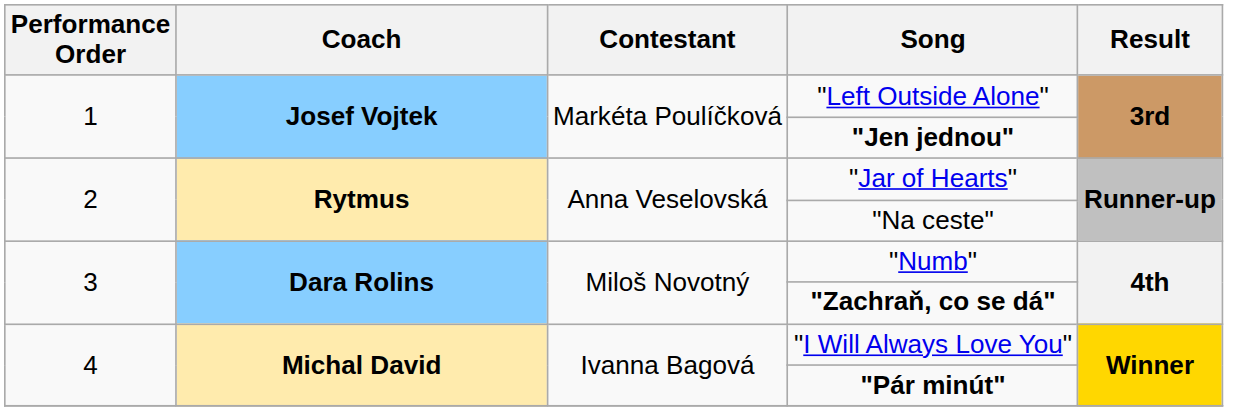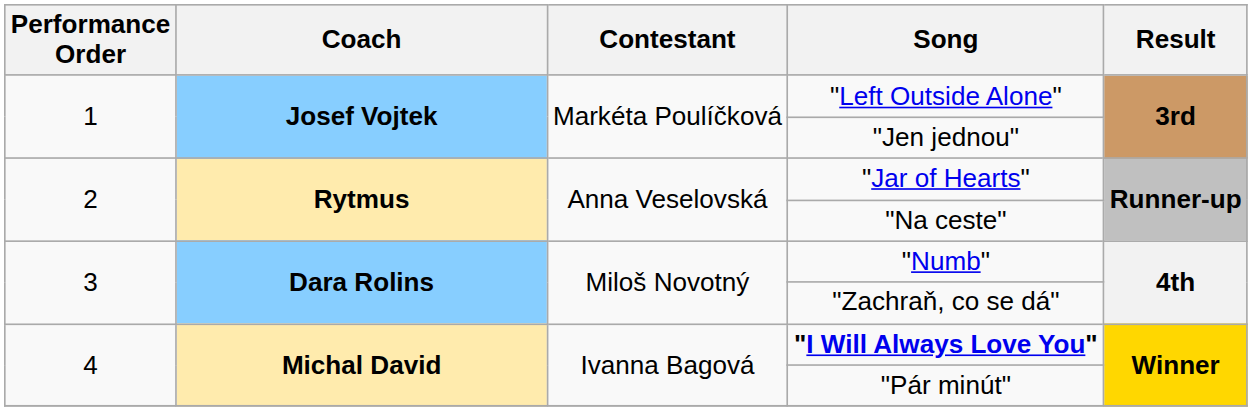 <table class="wikitable sortable" style="text-align: center; width: auto;">
 <tr>
 <th>Performance <br>Order</th>
 <th>Coach</th>
 <th>Contestant</th>
 <th>Song</th>
 <th>Result</th>
 </tr>
 <tr>
 <td rowspan=2>1</td>
 <th rowspan=2 style="background-color:#87CEFF" width="220px">Josef Vojtek</th>
 <td rowspan=2>Markéta Poulíčková</td>
 <td rowspan=1>"<a href='#'>Left Outside Alone</a>"</td>
 <th rowspan=2  style="background:#c96">3rd</th>
 </tr>
 <tr>
-<td rowspan=1><strong>"Jen jednou"</strong></td>
+<td rowspan=1>"Jen jednou"</td>
 </tr>
 <tr>
 <td rowspan=2>2</td>
 <th rowspan=2 style="background-color:#FFEBAD" width="220px">Rytmus</th>
 <td rowspan=2>Anna Veselovská</td>
 <td rowspan=1>"<a href='#'>Jar of Hearts</a>"</td>
 <th rowspan=2  style="background:silver">Runner-up</th>
 </tr>
 <tr>
 <td rowspan=1>"Na ceste"</td>
 </tr>
 <tr>
 <td rowspan=2>3</td>
 <th rowspan=2 style="background-color:#87CEFF" width="220px">Dara Rolins</th>
 <td rowspan=2>Miloš Novotný</td>
 <td rowspan=1>"<a href='#'>Numb</a>"</td>
 <th rowspan=2>4th</th>
 </tr>
 <tr>
-<td rowspan=1><strong>"Zachraň, co se dá"</strong></td>
+<td rowspan=1>"Zachraň, co se dá"</td>
 </tr>
 <tr>
 <td rowspan=2>4</td>
 <th rowspan=2 style="background-color:#FFEBAD" width="220px">Michal David</th>
 <td rowspan=2>Ivanna Bagová</td>
-<td rowspan=1>"<a href='#'>I Will Always Love You</a>"</td>
+<td rowspan=1><strong>"<a href='#'>I Will Always Love You</a>"</strong></td>
 <th rowspan=2  style="background:gold">Winner</th>
 </tr>
 <tr>
-<td rowspan=1><strong>"Pár minút"</strong></td>
+<td rowspan=1>"Pár minút"</td>
 </tr>
 <tr>
 </tr>
 </table>
